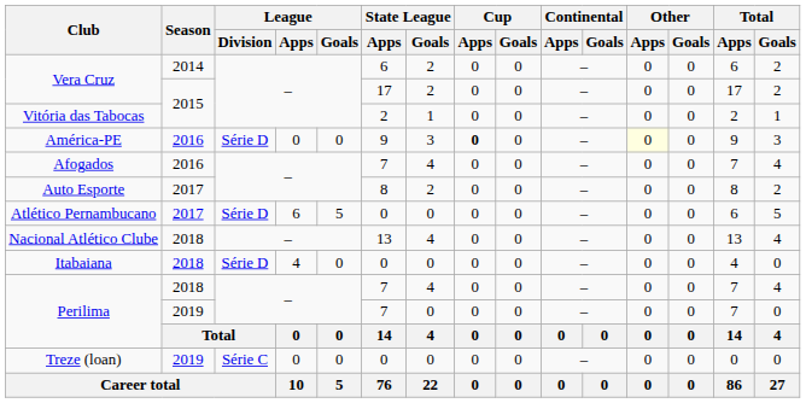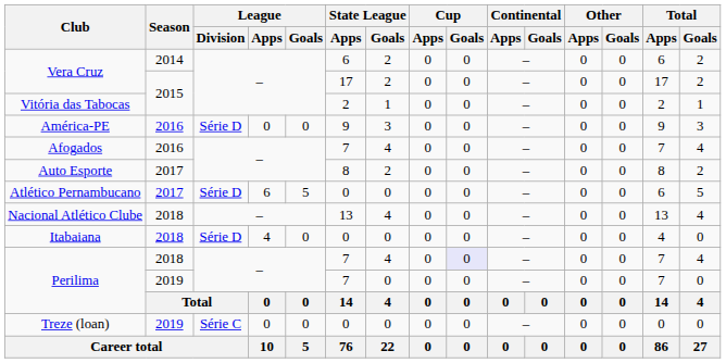 <table class="wikitable" style="text-align: center">
 <tr>
 <th rowspan="2">Club</th>
 <th rowspan="2">Season</th>
 <th colspan="3">League</th>
 <th colspan="2">State League</th>
 <th colspan="2">Cup</th>
 <th colspan="2">Continental</th>
 <th colspan="2">Other</th>
 <th colspan="2">Total</th>
 </tr>
 <tr>
 <th>Division</th>
 <th>Apps</th>
 <th>Goals</th>
 <th>Apps</th>
 <th>Goals</th>
 <th>Apps</th>
 <th>Goals</th>
 <th>Apps</th>
 <th>Goals</th>
 <th>Apps</th>
 <th>Goals</th>
 <th>Apps</th>
 <th>Goals</th>
 </tr>
 <tr>
 <td rowspan="2"><a href='#'>Vera Cruz</a></td>
 <td>2014</td>
 <td rowspan="3" colspan="3">–</td>
 <td>6</td>
 <td>2</td>
 <td>0</td>
 <td>0</td>
 <td colspan="2">–</td>
 <td>0</td>
 <td>0</td>
 <td>6</td>
 <td>2</td>
 </tr>
 <tr>
 <td rowspan="2">2015</td>
 <td>17</td>
 <td>2</td>
 <td>0</td>
 <td>0</td>
 <td colspan="2">–</td>
 <td>0</td>
 <td>0</td>
 <td>17</td>
 <td>2</td>
 </tr>
 <tr>
 <td><a href='#'>Vitória das Tabocas</a></td>
 <td>2</td>
 <td>1</td>
 <td>0</td>
 <td>0</td>
 <td colspan="2">–</td>
 <td>0</td>
 <td>0</td>
 <td>2</td>
 <td>1</td>
 </tr>
 <tr>
 <td><a href='#'>América-PE</a></td>
 <td><a href='#'>2016</a></td>
 <td><a href='#'>Série D</a></td>
 <td>0</td>
 <td>0</td>
 <td>9</td>
 <td>3</td>
-<td><strong>0</strong></td>
+<td>0</td>
 <td>0</td>
 <td colspan="2">–</td>
-<td style="background: lightyellow;">0</td>
+<td>0</td>
 <td>0</td>
 <td>9</td>
 <td>3</td>
 </tr>
 <tr>
 <td><a href='#'>Afogados</a></td>
 <td>2016</td>
 <td rowspan="2" colspan="3">–</td>
 <td>7</td>
 <td>4</td>
 <td>0</td>
 <td>0</td>
 <td colspan="2">–</td>
 <td>0</td>
 <td>0</td>
 <td>7</td>
 <td>4</td>
 </tr>
 <tr>
 <td><a href='#'>Auto Esporte</a></td>
 <td>2017</td>
 <td>8</td>
 <td>2</td>
 <td>0</td>
 <td>0</td>
 <td colspan="2">–</td>
 <td>0</td>
 <td>0</td>
 <td>8</td>
 <td>2</td>
 </tr>
 <tr>
 <td><a href='#'>Atlético Pernambucano</a></td>
 <td><a href='#'>2017</a></td>
 <td><a href='#'>Série D</a></td>
 <td>6</td>
 <td>5</td>
 <td>0</td>
 <td>0</td>
 <td>0</td>
 <td>0</td>
 <td colspan="2">–</td>
 <td>0</td>
 <td>0</td>
 <td>6</td>
 <td>5</td>
 </tr>
 <tr>
 <td><a href='#'>Nacional Atlético Clube</a></td>
 <td>2018</td>
 <td colspan="3">–</td>
 <td>13</td>
 <td>4</td>
 <td>0</td>
 <td>0</td>
 <td colspan="2">–</td>
 <td>0</td>
 <td>0</td>
 <td>13</td>
 <td>4</td>
 </tr>
 <tr>
 <td><a href='#'>Itabaiana</a></td>
 <td><a href='#'>2018</a></td>
 <td><a href='#'>Série D</a></td>
 <td>4</td>
 <td>0</td>
 <td>0</td>
 <td>0</td>
 <td>0</td>
 <td>0</td>
 <td colspan="2">–</td>
 <td>0</td>
 <td>0</td>
 <td>4</td>
 <td>0</td>
 </tr>
 <tr>
 <td rowspan="3"><a href='#'>Perilima</a></td>
 <td>2018</td>
 <td colspan="3" rowspan="2">–</td>
 <td>7</td>
 <td>4</td>
 <td>0</td>
-<td>0</td>
+<td style="background: lavender;">0</td>
 <td colspan="2">–</td>
 <td>0</td>
 <td>0</td>
 <td>7</td>
 <td>4</td>
 </tr>
 <tr>
 <td>2019</td>
 <td>7</td>
 <td>0</td>
 <td>0</td>
 <td>0</td>
 <td colspan="2">–</td>
 <td>0</td>
 <td>0</td>
 <td>7</td>
 <td>0</td>
 </tr>
 <tr>
 <th colspan="2"><strong>Total</strong></th>
 <th>0</th>
 <th>0</th>
 <th>14</th>
 <th>4</th>
 <th>0</th>
 <th>0</th>
 <th>0</th>
 <th>0</th>
 <th>0</th>
 <th>0</th>
 <th>14</th>
 <th>4</th>
 </tr>
 <tr>
 <td><a href='#'>Treze</a> (loan)</td>
 <td><a href='#'>2019</a></td>
 <td><a href='#'>Série C</a></td>
 <td>0</td>
 <td>0</td>
 <td>0</td>
 <td>0</td>
 <td>0</td>
 <td>0</td>
 <td colspan="2">–</td>
 <td>0</td>
 <td>0</td>
 <td>0</td>
 <td>0</td>
 </tr>
 <tr>
 <th colspan="3"><strong>Career total</strong></th>
 <th>10</th>
 <th>5</th>
 <th>76</th>
 <th>22</th>
 <th>0</th>
 <th>0</th>
 <th>0</th>
 <th>0</th>
 <th>0</th>
 <th>0</th>
 <th>86</th>
 <th>27</th>
 </tr>
 </table>
